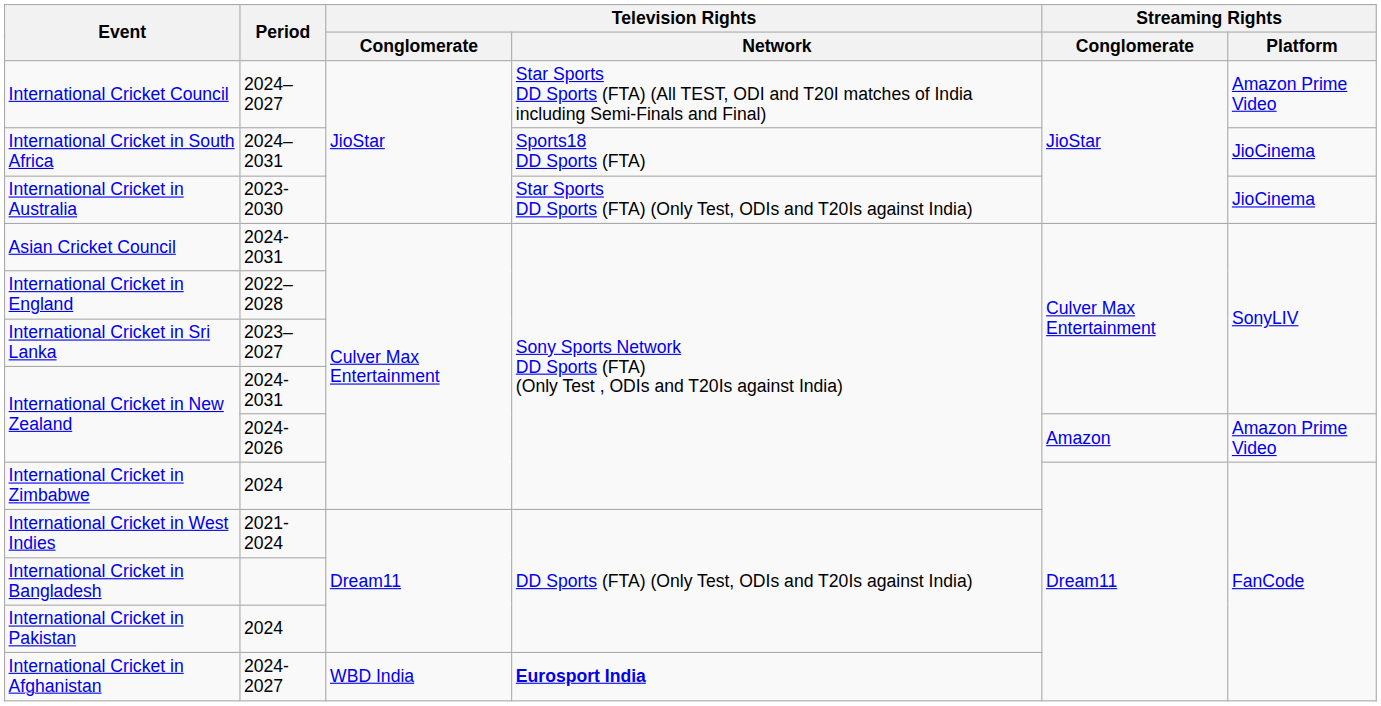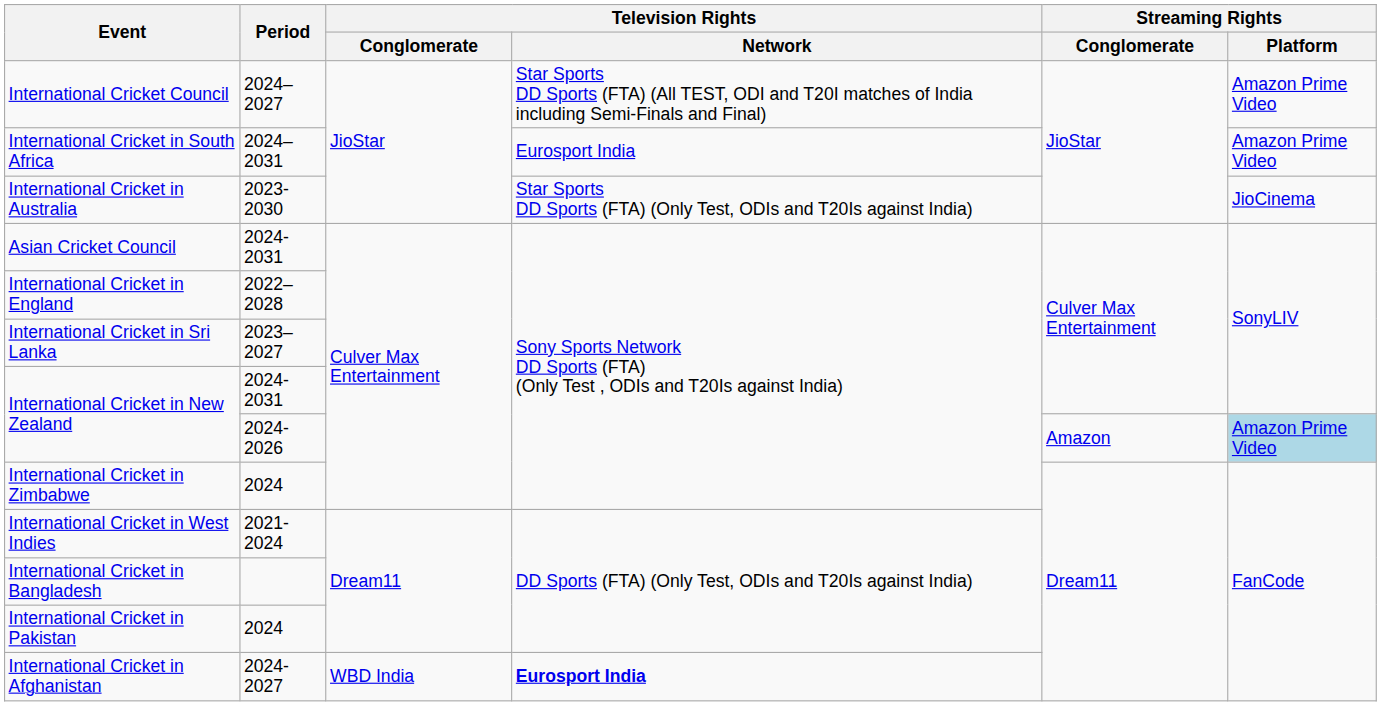 <table class="wikitable">
 <tr>
 <th colspan="2" rowspan="2">Event</th>
 <th rowspan="2">Period</th>
 <th colspan="2">Television Rights</th>
 <th colspan="2">Streaming Rights</th>
 </tr>
 <tr>
 <th>Conglomerate</th>
 <th>Network</th>
 <th>Conglomerate</th>
 <th>Platform</th>
 </tr>
 <tr>
 <td colspan="2"><a href='#'>International Cricket Council</a></td>
 <td>2024–2027</td>
 <td rowspan="3"><a href='#'>JioStar</a></td>
 <td><a href='#'>Star Sports</a><br><a href='#'>DD Sports</a> (FTA) (All TEST, ODI and T20I matches of India including Semi-Finals and Final)</td>
 <td rowspan="3"><a href='#'>JioStar</a></td>
 <td><a href='#'>Amazon Prime Video</a></td>
 </tr>
 <tr>
 <td colspan="2"><a href='#'>International Cricket in South Africa</a></td>
 <td>2024–2031</td>
-<td rowspan="1"><a href='#'>Sports18</a><br><a href='#'>DD Sports</a> (FTA)</td>
-<td rowspan="1"><a href='#'>JioCinema</a></td>
+<td><a href='#'>Eurosport India</a></td>
+<td><a href='#'>Amazon Prime Video</a></td>
 </tr>
 <tr>
 <td colspan="2"><a href='#'>International Cricket in Australia</a></td>
 <td>2023-2030</td>
 <td><a href='#'>Star Sports</a><br><a href='#'>DD Sports</a> (FTA) (Only Test,  ODIs and T20Is against India)</td>
 <td rowspan="1"><a href='#'>JioCinema</a></td>
 </tr>
 <tr>
 <td colspan="2"><a href='#'>Asian Cricket Council</a></td>
 <td>2024-2031</td>
 <td rowspan="6"><a href='#'>Culver Max Entertainment</a></td>
 <td rowspan="6"><a href='#'>Sony Sports Network</a><br><a href='#'>DD Sports</a> (FTA)<br>(Only Test , ODIs and T20Is against India)</td>
 <td rowspan="4"><a href='#'>Culver Max Entertainment</a></td>
 <td rowspan="4"><a href='#'>SonyLIV</a></td>
 </tr>
 <tr>
 <td colspan="2"><a href='#'>International Cricket in England</a></td>
 <td>2022–2028</td>
 </tr>
 <tr>
 <td colspan="2"><a href='#'>International Cricket in Sri Lanka</a></td>
 <td>2023–2027</td>
 </tr>
 <tr>
 <td colspan="2" rowspan="2"><a href='#'>International Cricket in New Zealand</a></td>
 <td>2024-2031</td>
 </tr>
 <tr>
 <td>2024-2026</td>
 <td><a href='#'>Amazon</a></td>
-<td><a href='#'>Amazon Prime Video</a></td>
+<td style="background: lightblue;"><a href='#'>Amazon Prime Video</a></td>
 </tr>
 <tr>
 <td colspan="2"><a href='#'>International Cricket in Zimbabwe</a></td>
 <td>2024</td>
 <td rowspan="5"><a href='#'>Dream11</a></td>
 <td rowspan="5"><a href='#'>FanCode</a></td>
 </tr>
 <tr>
 <td colspan="2"><a href='#'>International Cricket in West Indies</a></td>
 <td>2021-2024</td>
 <td rowspan="3"><a href='#'>Dream11</a></td>
 <td rowspan="3"><a href='#'>DD Sports</a> (FTA) (Only Test, ODIs and T20Is against India)</td>
 </tr>
 <tr>
 <td colspan="2"><a href='#'>International Cricket in Bangladesh</a></td>
 <td></td>
 </tr>
 <tr>
 <td colspan="2"><a href='#'>International Cricket in Pakistan</a></td>
 <td>2024</td>
 </tr>
 <tr>
 <td colspan="2"><a href='#'>International Cricket in Afghanistan</a></td>
 <td>2024-2027</td>
 <td><a href='#'>WBD India</a></td>
 <td><strong><a href='#'>Eurosport India</a></strong></td>
 </tr>
 </table>
